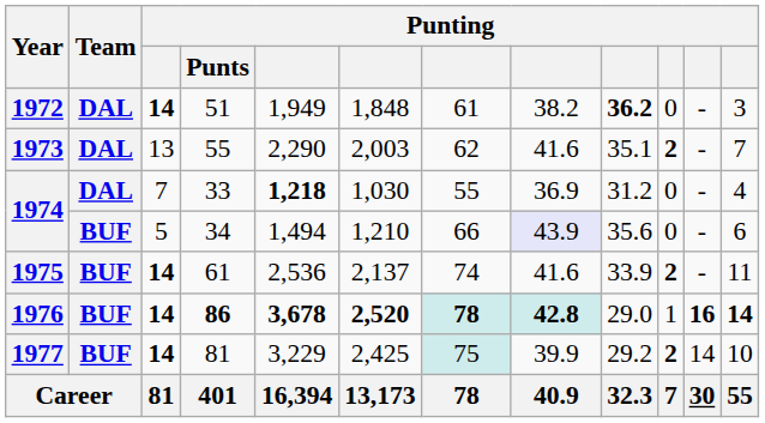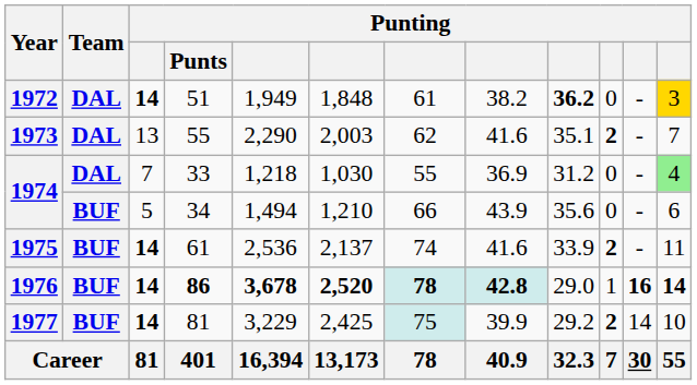 <table class=wikitable style="text-align:center;">
 <tr>
 <th rowspan="2">Year</th>
 <th rowspan="2">Team</th>
 <th colspan="10">Punting</th>
 </tr>
 <tr>
 <th></th>
 <th>Punts</th>
 <th></th>
 <th></th>
 <th></th>
 <th></th>
 <th></th>
 <th></th>
 <th></th>
 <th></th>
 </tr>
 <tr>
 <th><a href='#'>1972</a></th>
 <th><a href='#'>DAL</a></th>
 <td><strong>14</strong></td>
 <td>51</td>
 <td>1,949</td>
 <td>1,848</td>
 <td>61</td>
 <td>38.2</td>
 <td><strong>36.2</strong></td>
 <td>0</td>
 <td>-</td>
-<td>3</td>
+<td style="background: gold;">3</td>
 </tr>
 <tr>
 <th><a href='#'>1973</a></th>
 <th><a href='#'>DAL</a></th>
 <td>13</td>
 <td>55</td>
 <td>2,290</td>
 <td>2,003</td>
 <td>62</td>
 <td>41.6</td>
 <td>35.1</td>
 <td><strong>2</strong></td>
 <td>-</td>
 <td>7</td>
 </tr>
 <tr>
 <th rowspan="2"><a href='#'>1974</a></th>
 <th><a href='#'>DAL</a></th>
 <td>7</td>
 <td>33</td>
-<td><strong>1,218</strong></td>
+<td>1,218</td>
 <td>1,030</td>
 <td>55</td>
 <td>36.9</td>
 <td>31.2</td>
 <td>0</td>
 <td>-</td>
-<td>4</td>
+<td style="background: lightgreen;">4</td>
 </tr>
 <tr>
 <th><a href='#'>BUF</a></th>
 <td>5</td>
 <td>34</td>
 <td>1,494</td>
 <td>1,210</td>
 <td>66</td>
-<td style="background: lavender;">43.9</td>
+<td>43.9</td>
 <td>35.6</td>
 <td>0</td>
 <td>-</td>
 <td>6</td>
 </tr>
 <tr>
 <th><a href='#'>1975</a></th>
 <th><a href='#'>BUF</a></th>
 <td><strong>14</strong></td>
 <td>61</td>
 <td>2,536</td>
 <td>2,137</td>
 <td>74</td>
 <td>41.6</td>
 <td>33.9</td>
 <td><strong>2</strong></td>
 <td>-</td>
 <td>11</td>
 </tr>
 <tr>
 <th><a href='#'>1976</a></th>
 <th><a href='#'>BUF</a></th>
 <td><strong>14</strong></td>
 <td><strong>86</strong></td>
 <td><strong>3,678</strong></td>
 <td><strong>2,520</strong></td>
 <td style="background:#cfecec; width:3em;"><strong>78</strong></td>
 <td style="background:#cfecec; width:3em;"><strong>42.8</strong></td>
 <td>29.0</td>
 <td>1</td>
 <td><strong>16</strong></td>
 <td><strong>14</strong></td>
 </tr>
 <tr>
 <th><a href='#'>1977</a></th>
 <th><a href='#'>BUF</a></th>
 <td><strong>14</strong></td>
 <td>81</td>
 <td>3,229</td>
 <td>2,425</td>
 <td style="background:#cfecec; width:3em;">75</td>
 <td>39.9</td>
 <td>29.2</td>
 <td><strong>2</strong></td>
 <td>14</td>
 <td>10</td>
 </tr>
 <tr>
 <th colspan="2">Career</th>
 <th>81</th>
 <th>401</th>
 <th>16,394</th>
 <th>13,173</th>
 <th>78</th>
 <th>40.9</th>
 <th>32.3</th>
 <th>7</th>
 <th><u>30</u></th>
 <th>55</th>
 </tr>
 </table>
